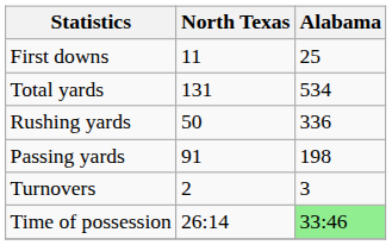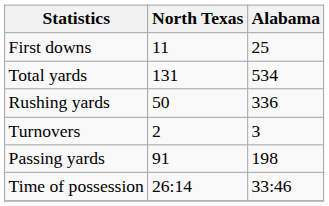 <table class="wikitable" style="float: left;">
 <tr>
 <th>Statistics</th>
 <th>North Texas</th>
 <th>Alabama</th>
 </tr>
 <tr>
 <td>First downs</td>
 <td>11</td>
 <td>25</td>
 </tr>
 <tr>
 <td>Total yards</td>
 <td>131</td>
 <td>534</td>
 </tr>
 <tr>
 <td>Rushing yards</td>
 <td>50</td>
 <td>336</td>
 </tr>
 <tr>
+<td>Turnovers</td>
+<td>2</td>
+<td>3</td>
+</tr>
+<tr>
 <td>Passing yards</td>
 <td>91</td>
 <td>198</td>
 </tr>
 <tr>
-<td>Turnovers</td>
-<td>2</td>
-<td>3</td>
-</tr>
-<tr>
 <td>Time of possession</td>
 <td>26:14</td>
-<td style="background: lightgreen;">33:46</td>
+<td>33:46</td>
 </tr>
 <tr>
 </tr>
 </table>
